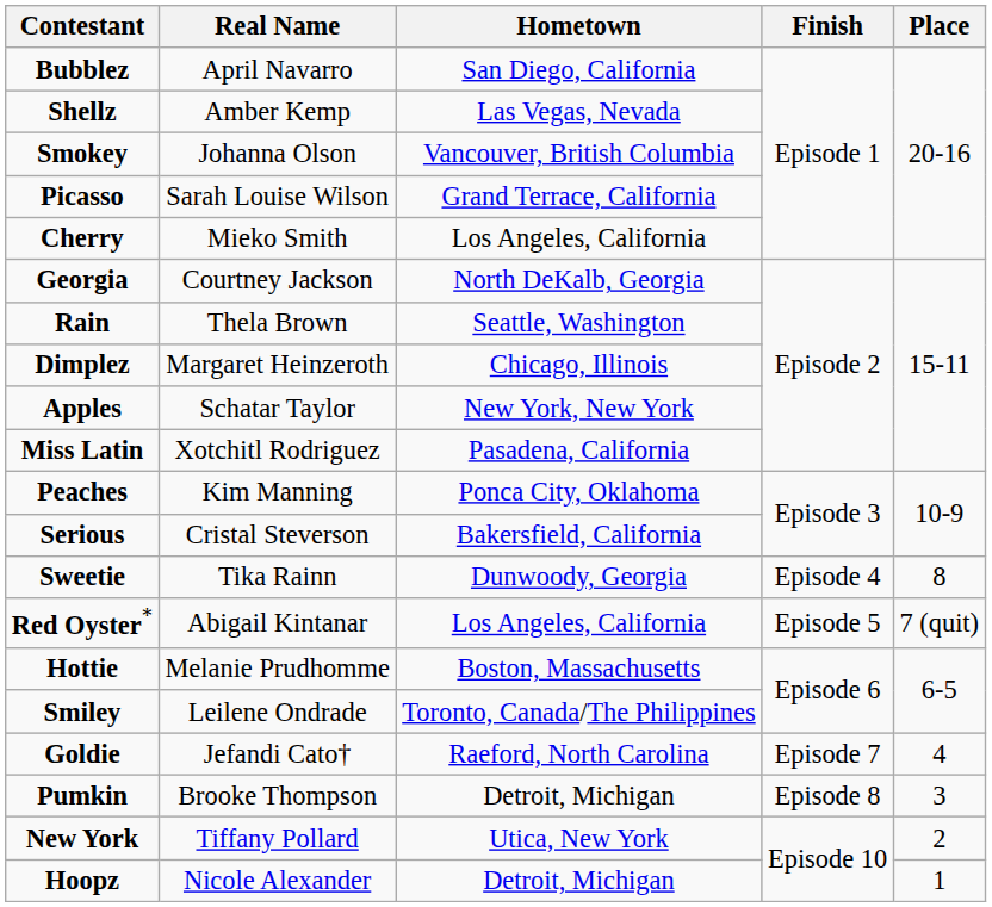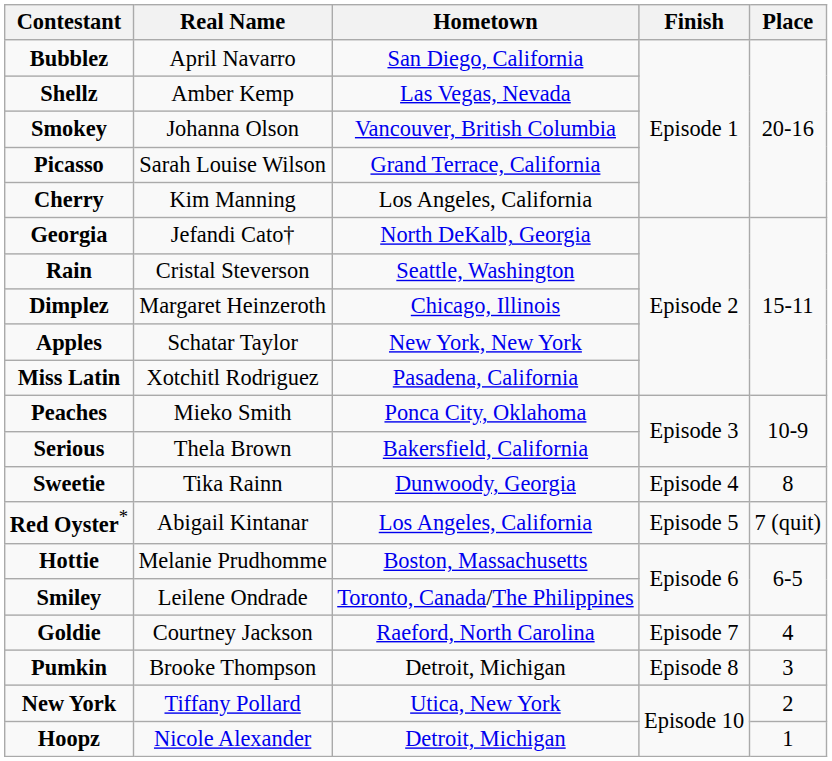 <table class="wikitable sortable" style="text-align:center;">
 <tr>
 <th>Contestant</th>
 <th>Real Name</th>
 <th>Hometown</th>
 <th>Finish</th>
 <th>Place</th>
 </tr>
 <tr>
 <td><strong>Bubblez</strong></td>
 <td>April Navarro</td>
 <td><a href='#'>San Diego, California</a></td>
 <td rowspan="5">Episode 1</td>
 <td rowspan="5">20-16</td>
 </tr>
 <tr>
 <td><strong>Shellz</strong></td>
 <td>Amber Kemp</td>
 <td><a href='#'>Las Vegas, Nevada</a></td>
 </tr>
 <tr>
 <td><strong>Smokey</strong></td>
 <td>Johanna Olson</td>
 <td><a href='#'>Vancouver, British Columbia</a></td>
 </tr>
 <tr>
 <td><strong>Picasso</strong></td>
 <td nowrap>Sarah Louise Wilson</td>
 <td><a href='#'>Grand Terrace, California</a></td>
 </tr>
 <tr>
 <td><strong>Cherry</strong></td>
-<td>Mieko Smith</td>
+<td Kim Manning (singer)>Kim Manning</td>
 <td>Los Angeles, California</td>
 </tr>
 <tr>
 <td><strong>Georgia</strong></td>
-<td>Courtney Jackson</td>
+<td>Jefandi Cato†</td>
 <td><a href='#'>North DeKalb, Georgia</a></td>
 <td rowspan="5">Episode 2</td>
 <td rowspan="5">15-11</td>
 </tr>
 <tr>
 <td><strong>Rain</strong></td>
-<td>Thela Brown</td>
+<td>Cristal Steverson</td>
 <td><a href='#'>Seattle, Washington</a></td>
 </tr>
 <tr>
 <td><strong>Dimplez</strong></td>
 <td>Margaret Heinzeroth</td>
 <td><a href='#'>Chicago, Illinois</a></td>
 </tr>
 <tr>
 <td><strong>Apples</strong></td>
 <td>Schatar Taylor</td>
 <td><a href='#'>New York, New York</a></td>
 </tr>
 <tr>
 <td><strong>Miss Latin</strong></td>
 <td>Xotchitl Rodriguez</td>
 <td><a href='#'>Pasadena, California</a></td>
 </tr>
 <tr>
 <td><strong>Peaches</strong></td>
-<td Kim Manning (singer)>Kim Manning</td>
+<td>Mieko Smith</td>
 <td><a href='#'>Ponca City, Oklahoma</a></td>
 <td rowspan="2">Episode 3</td>
 <td rowspan="2">10-9</td>
 </tr>
 <tr>
 <td><strong>Serious</strong></td>
-<td>Cristal Steverson</td>
+<td>Thela Brown</td>
 <td><a href='#'>Bakersfield, California</a></td>
 </tr>
 <tr>
 <td><strong>Sweetie</strong></td>
 <td>Tika Rainn</td>
 <td><a href='#'>Dunwoody, Georgia</a></td>
 <td>Episode 4</td>
 <td>8</td>
 </tr>
 <tr>
 <td><strong>Red Oyster</strong><sup>*</sup></td>
 <td>Abigail Kintanar</td>
 <td><a href='#'>Los Angeles, California</a></td>
 <td>Episode 5</td>
 <td>7 (quit)</td>
 </tr>
 <tr>
 <td><strong>Hottie</strong></td>
 <td>Melanie Prudhomme</td>
 <td><a href='#'>Boston, Massachusetts</a></td>
 <td rowspan="2">Episode 6</td>
 <td rowspan="2">6-5</td>
 </tr>
 <tr>
 <td><strong>Smiley</strong></td>
 <td>Leilene Ondrade</td>
 <td><a href='#'>Toronto, Canada</a>/<a href='#'>The Philippines</a></td>
 </tr>
 <tr>
 <td><strong>Goldie</strong></td>
-<td>Jefandi Cato†</td>
+<td>Courtney Jackson</td>
 <td><a href='#'>Raeford, North Carolina</a></td>
 <td>Episode 7</td>
 <td>4</td>
 </tr>
 <tr>
 <td><strong>Pumkin</strong></td>
 <td>Brooke Thompson</td>
 <td>Detroit, Michigan</td>
 <td nowrap>Episode 8</td>
 <td>3</td>
 </tr>
 <tr>
 <td><strong>New York</strong></td>
 <td><a href='#'>Tiffany Pollard</a></td>
 <td><a href='#'>Utica, New York</a></td>
 <td rowspan="2">Episode 10</td>
 <td>2</td>
 </tr>
 <tr>
 <td><strong>Hoopz</strong></td>
 <td><a href='#'>Nicole Alexander</a></td>
 <td><a href='#'>Detroit, Michigan</a></td>
 <td>1</td>
 </tr>
 </table>
